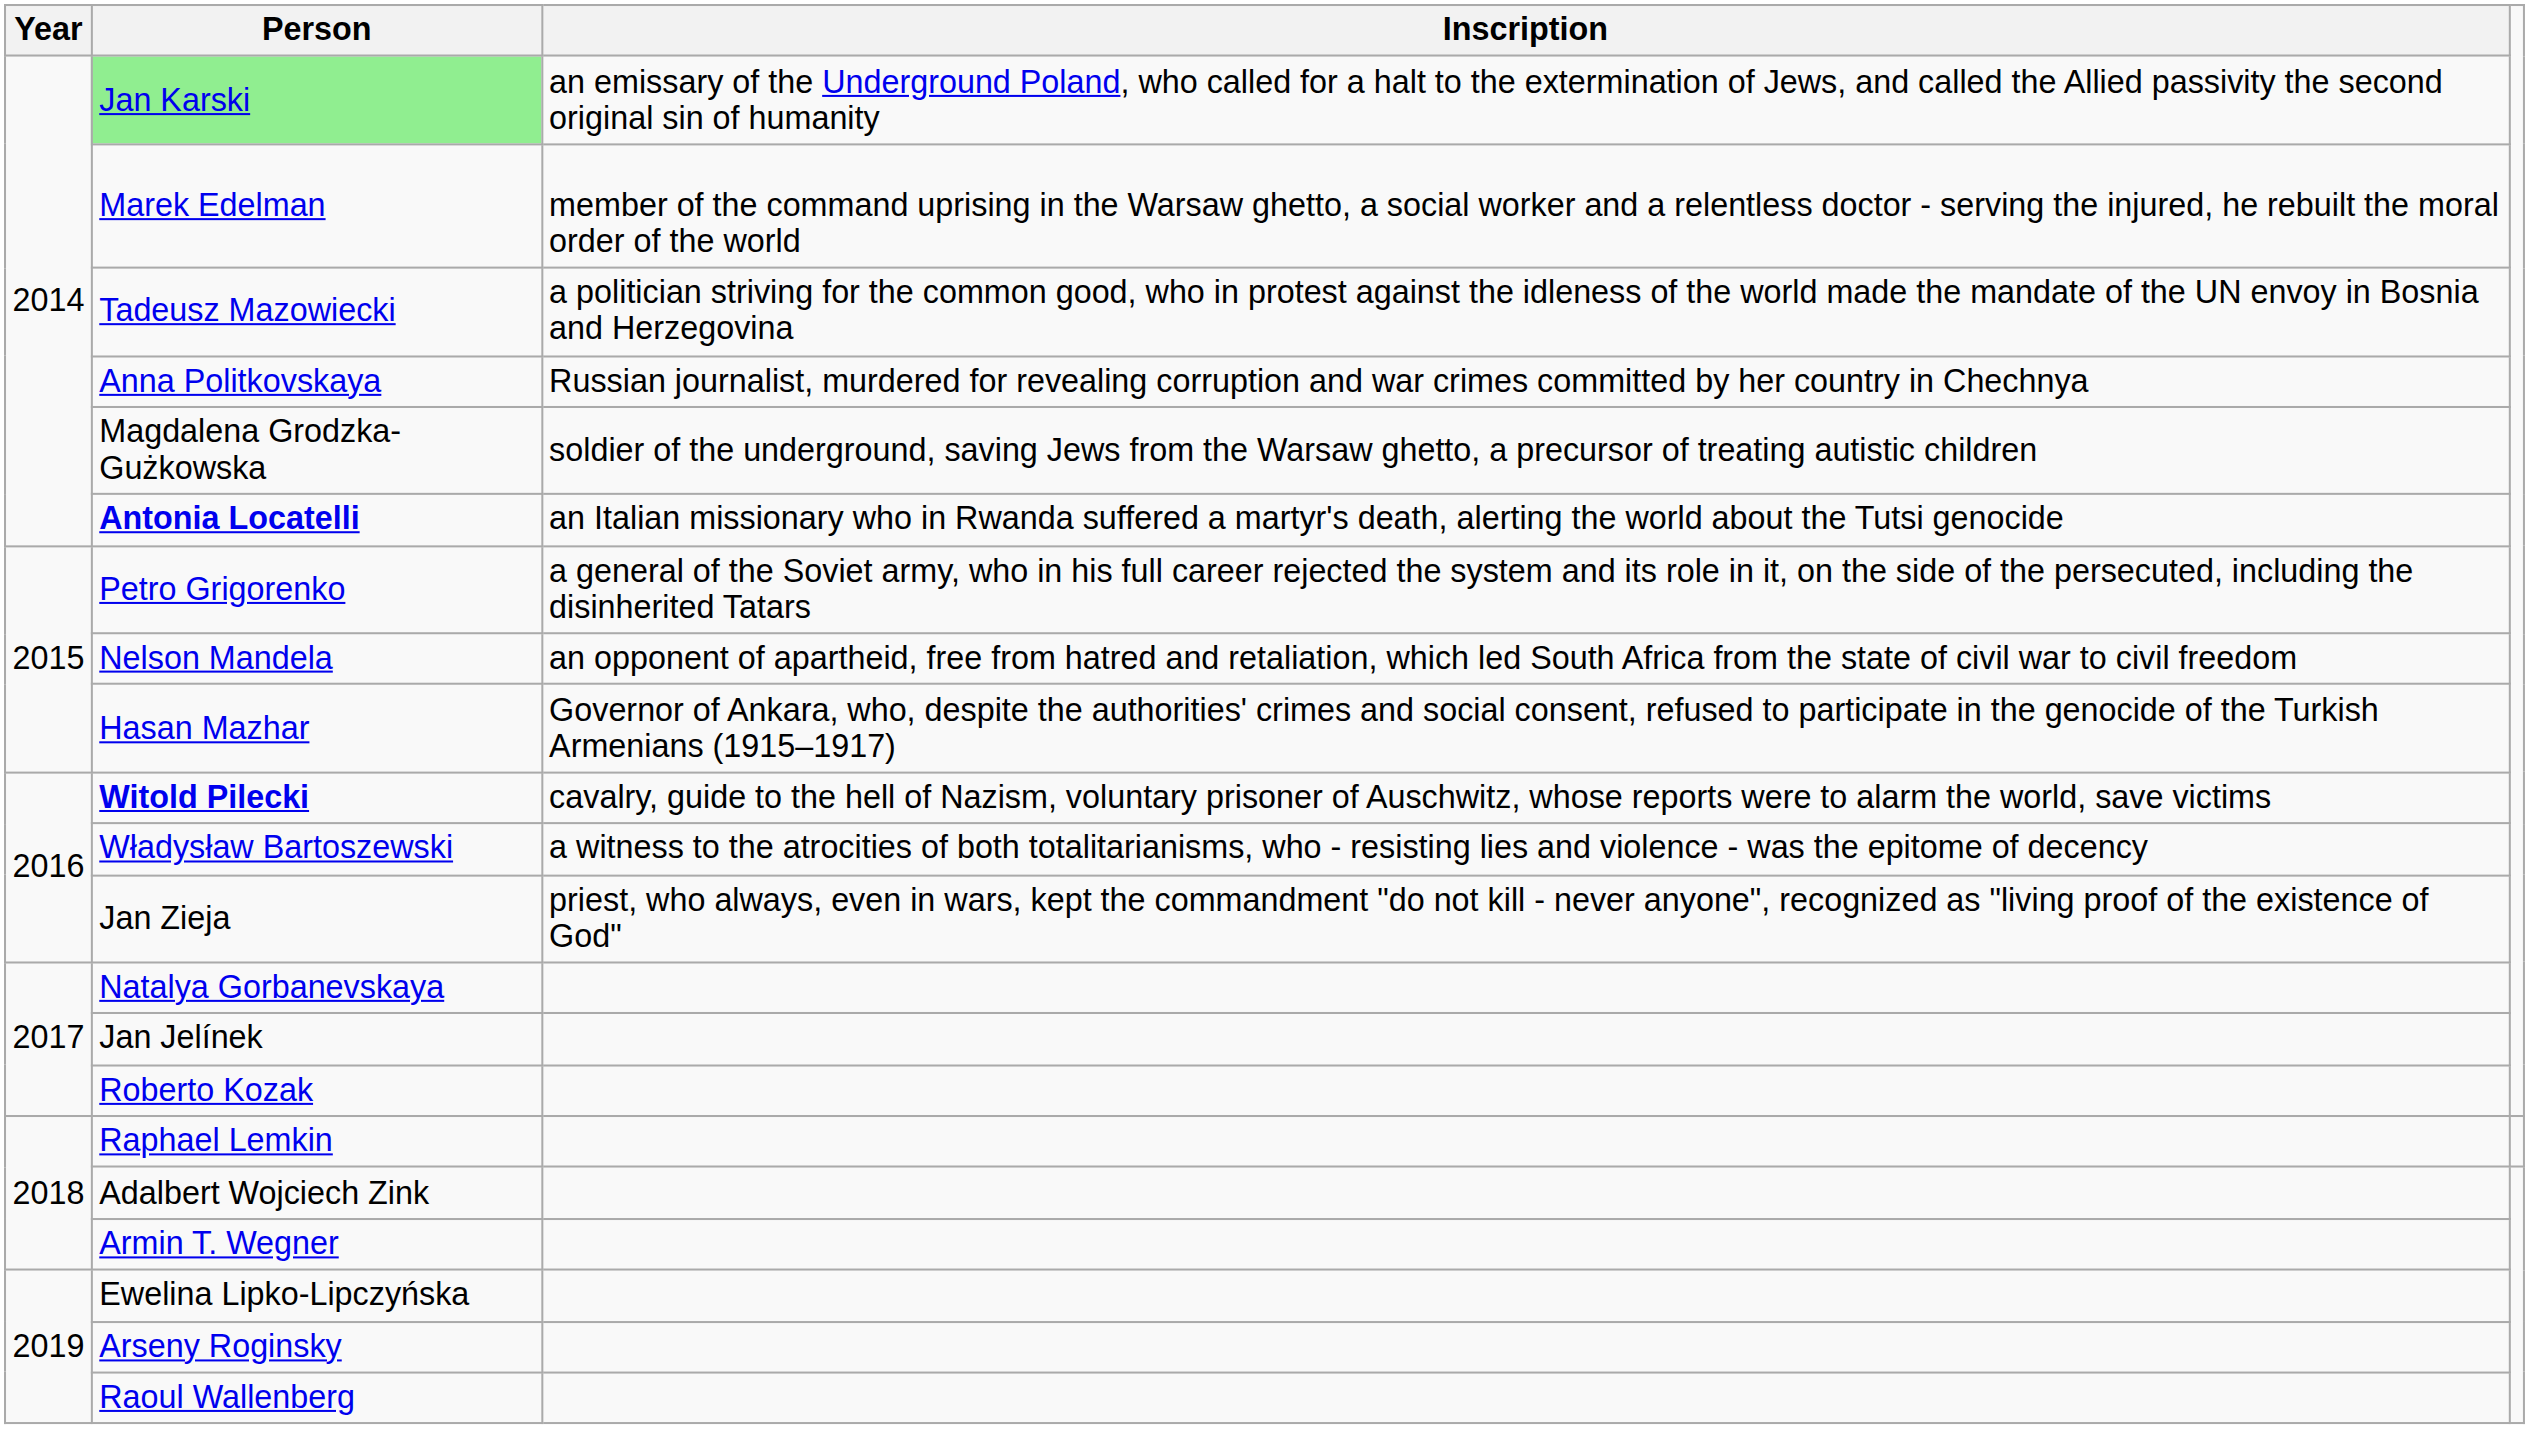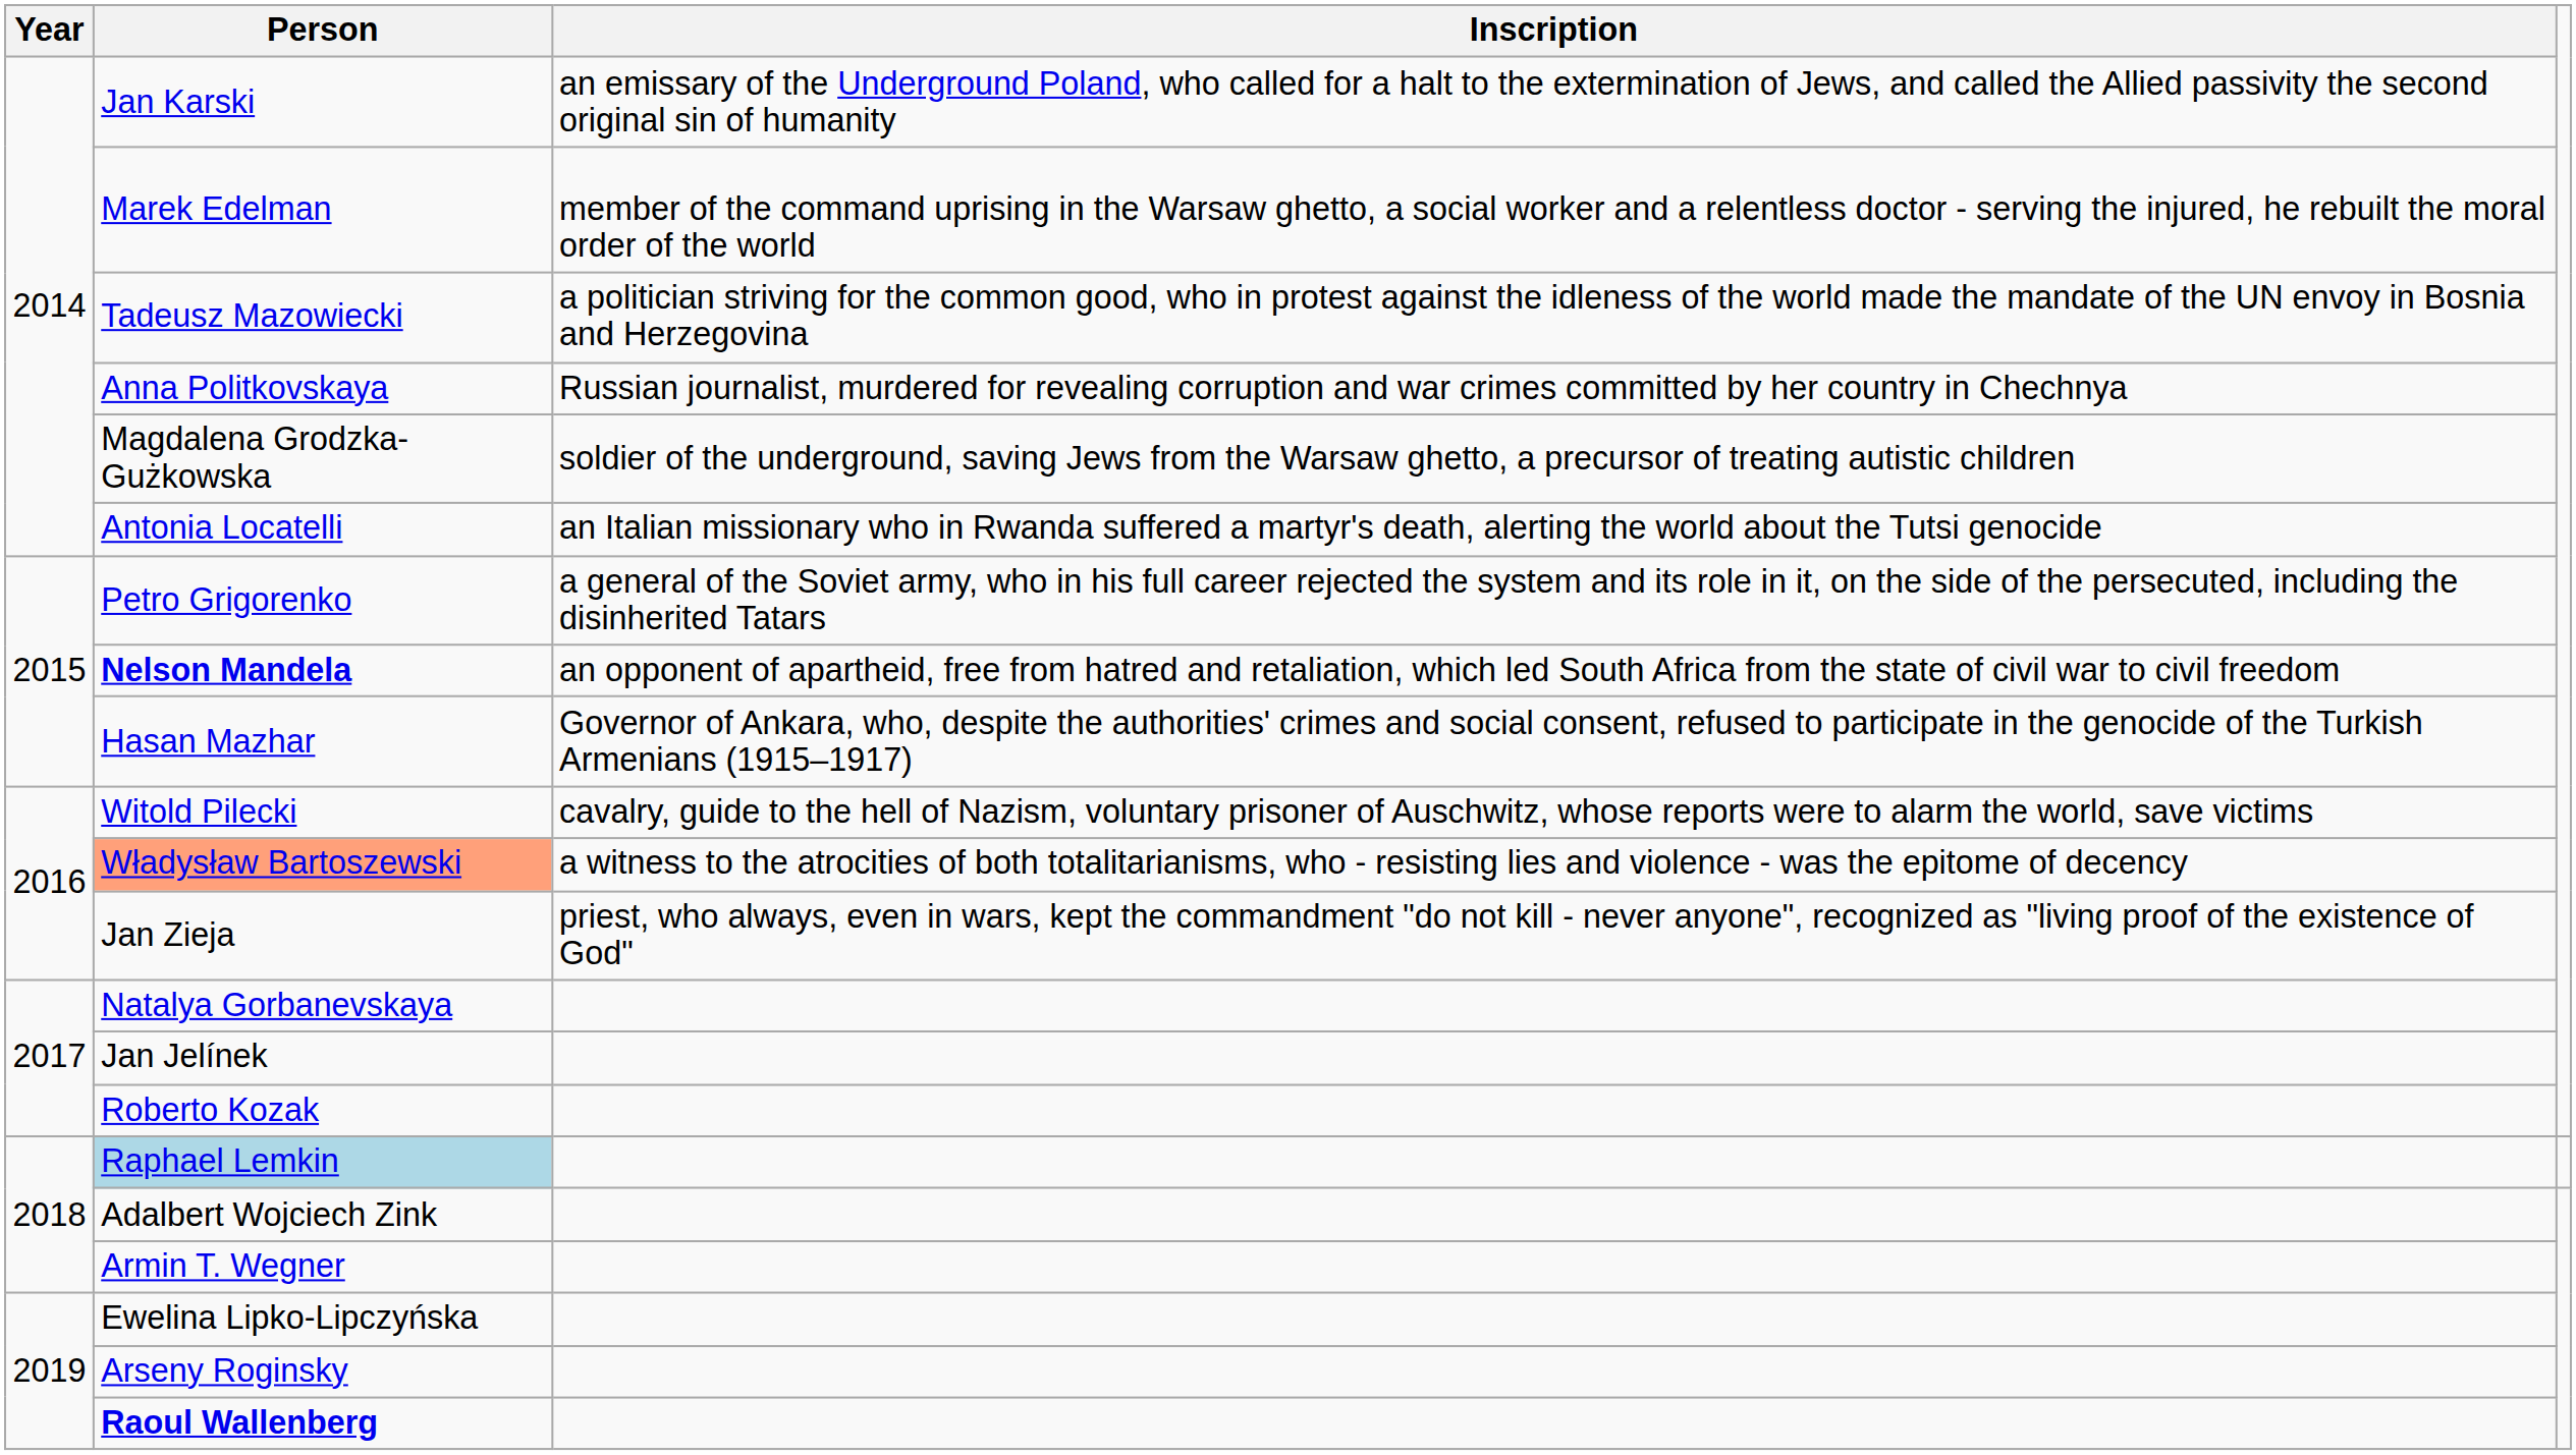 <table class="wikitable">
 <tr>
 <th bgcolor="dodgerblue">Year</th>
 <th bgcolor="dodgerblue">Person</th>
 <th bgcolor="dodgerblue">Inscription</th>
 </tr>
 <tr>
 <td rowspan=6>2014</td>
-<td style="background: lightgreen;"><a href='#'>Jan Karski</a></td>
+<td><a href='#'>Jan Karski</a></td>
 <td>an emissary of the <a href='#'>Underground Poland</a>, who called for a halt to the extermination of Jews, and called the Allied passivity the second original sin of humanity</td>
 </tr>
 <tr>
 <td><a href='#'>Marek Edelman</a></td>
 <td><br>member of the command uprising in the Warsaw ghetto, a social worker and a relentless doctor - serving the injured, he rebuilt the moral order of the world</td>
 </tr>
 <tr>
 <td><a href='#'>Tadeusz Mazowiecki</a></td>
 <td>a politician striving for the common good, who in protest against the idleness of the world made the mandate of the UN envoy in Bosnia and Herzegovina</td>
 </tr>
 <tr>
 <td><a href='#'>Anna Politkovskaya</a></td>
 <td>Russian journalist, murdered for revealing corruption and war crimes committed by her country in Chechnya</td>
 </tr>
 <tr>
 <td>Magdalena Grodzka-Gużkowska</td>
 <td>soldier of the underground, saving Jews from the Warsaw ghetto, a precursor of treating autistic children</td>
 </tr>
 <tr>
-<td><strong><a href='#'>Antonia Locatelli</a></strong></td>
+<td><a href='#'>Antonia Locatelli</a></td>
 <td>an Italian missionary who in Rwanda suffered a martyr's death, alerting the world about the Tutsi genocide</td>
 </tr>
 <tr>
 <td rowspan=3>2015</td>
 <td><a href='#'>Petro Grigorenko</a></td>
 <td>a general of the Soviet army, who in his full career rejected the system and its role in it, on the side of the persecuted, including the disinherited Tatars</td>
 </tr>
 <tr>
-<td><a href='#'>Nelson Mandela</a></td>
+<td><strong><a href='#'>Nelson Mandela</a></strong></td>
 <td>an opponent of apartheid, free from hatred and retaliation, which led South Africa from the state of civil war to civil freedom</td>
 </tr>
 <tr>
 <td><a href='#'>Hasan Mazhar</a></td>
 <td>Governor of Ankara, who, despite the authorities' crimes and social consent, refused to participate in the genocide of the Turkish Armenians (1915–1917)</td>
 </tr>
 <tr>
 <td rowspan=3>2016</td>
-<td><strong><a href='#'>Witold Pilecki</a></strong></td>
+<td><a href='#'>Witold Pilecki</a></td>
 <td>cavalry, guide to the hell of Nazism, voluntary prisoner of Auschwitz, whose reports were to alarm the world, save victims</td>
 </tr>
 <tr>
-<td><a href='#'>Władysław Bartoszewski</a></td>
+<td style="background: lightsalmon;"><a href='#'>Władysław Bartoszewski</a></td>
 <td>a witness to the atrocities of both totalitarianisms, who - resisting lies and violence - was the epitome of decency</td>
 </tr>
 <tr>
 <td>Jan Zieja</td>
 <td>priest, who always, even in wars, kept the commandment "do not kill - never anyone", recognized as "living proof of the existence of God"</td>
 </tr>
 <tr>
 <td rowspan="3">2017</td>
 <td><a href='#'>Natalya Gorbanevskaya</a></td>
 <td></td>
 </tr>
 <tr>
 <td>Jan Jelínek</td>
 <td></td>
 </tr>
 <tr>
 <td><a href='#'>Roberto Kozak</a></td>
 <td></td>
 </tr>
 <tr>
 <td rowspan="3">2018</td>
-<td><a href='#'>Raphael Lemkin</a></td>
+<td style="background: lightblue;"><a href='#'>Raphael Lemkin</a></td>
 <td></td>
 <td></td>
 </tr>
 <tr>
 <td>Adalbert Wojciech Zink</td>
 <td></td>
 </tr>
 <tr>
 <td><a href='#'>Armin T. Wegner</a></td>
 <td></td>
 </tr>
 <tr>
 <td rowspan="3">2019</td>
 <td>Ewelina Lipko-Lipczyńska</td>
 <td></td>
 </tr>
 <tr>
 <td><a href='#'>Arseny Roginsky</a></td>
 <td></td>
 </tr>
 <tr>
-<td><a href='#'>Raoul Wallenberg</a></td>
+<td><strong><a href='#'>Raoul Wallenberg</a></strong></td>
 <td></td>
 </tr>
 </table>
